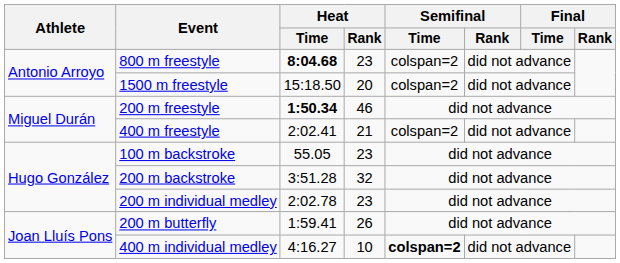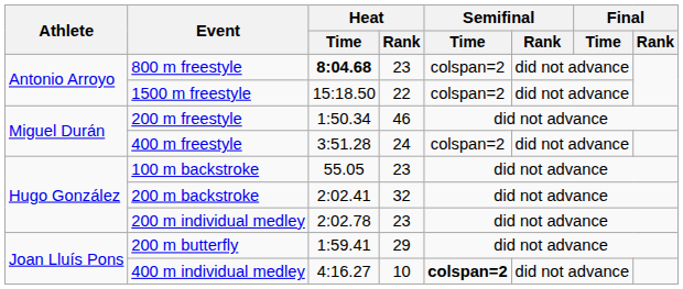 <table class=wikitable style="font-size:90%">
 <tr>
 <th rowspan="2">Athlete</th>
 <th rowspan="2">Event</th>
 <th colspan="2">Heat</th>
 <th colspan="2">Semifinal</th>
 <th colspan="2">Final</th>
 </tr>
 <tr style="font-size:95%">
 <th>Time</th>
 <th>Rank</th>
 <th>Time</th>
 <th>Rank</th>
 <th>Time</th>
 <th>Rank</th>
 </tr>
 <tr align=center>
 <td align=left rowspan=2><a href='#'>Antonio Arroyo</a></td>
 <td align=left><a href='#'>800 m freestyle</a></td>
 <td><strong>8:04.68</strong></td>
 <td>23</td>
 <td>colspan=2 </td>
 <td colspan=2>did not advance</td>
 </tr>
 <tr align=center>
 <td align=left><a href='#'>1500 m freestyle</a></td>
 <td>15:18.50</td>
-<td>20</td>
+<td>22</td>
 <td>colspan=2 </td>
 <td colspan=2>did not advance</td>
 </tr>
 <tr align=center>
 <td align=left rowspan=2><a href='#'>Miguel Durán</a></td>
 <td align=left><a href='#'>200 m freestyle</a></td>
-<td><strong>1:50.34</strong></td>
+<td>1:50.34</td>
 <td>46</td>
 <td colspan=4>did not advance</td>
 </tr>
 <tr align=center>
 <td align=left><a href='#'>400 m freestyle</a></td>
-<td>2:02.41</td>
-<td>21</td>
+<td>3:51.28</td>
+<td>24</td>
 <td>colspan=2 </td>
 <td colspan=2>did not advance</td>
 </tr>
 <tr align=center>
 <td align=left rowspan=3><a href='#'>Hugo González</a></td>
 <td align=left><a href='#'>100 m backstroke</a></td>
 <td>55.05</td>
 <td>23</td>
 <td colspan=4>did not advance</td>
 </tr>
 <tr align=center>
 <td align=left><a href='#'>200 m backstroke</a></td>
-<td>3:51.28</td>
+<td>2:02.41</td>
 <td>32</td>
 <td colspan=4>did not advance</td>
 </tr>
 <tr align=center>
 <td align=left><a href='#'>200 m individual medley</a></td>
 <td>2:02.78</td>
 <td>23</td>
 <td colspan=4>did not advance</td>
 </tr>
 <tr align=center>
 <td align=left rowspan=2><a href='#'>Joan Lluís Pons</a></td>
 <td align=left><a href='#'>200 m butterfly</a></td>
 <td>1:59.41</td>
-<td>26</td>
+<td>29</td>
 <td colspan=4>did not advance</td>
 </tr>
 <tr align=center>
 <td align=left><a href='#'>400 m individual medley</a></td>
 <td>4:16.27</td>
 <td>10</td>
 <td><strong>colspan=2 </strong></td>
 <td colspan=2>did not advance</td>
 </tr>
 </table>
